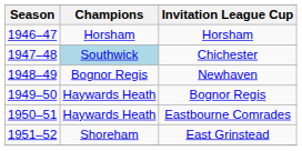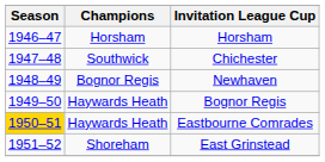 <table class="wikitable" style="text-align: center">
 <tr>
 </tr>
 <tr>
 <th>Season</th>
 <th>Champions</th>
 <th>Invitation League Cup</th>
 </tr>
 <tr>
 <td><a href='#'>1946–47</a></td>
 <td><a href='#'>Horsham</a></td>
 <td><a href='#'>Horsham</a></td>
 </tr>
 <tr>
 <td><a href='#'>1947–48</a></td>
-<td style="background: lightblue;"><a href='#'>Southwick</a></td>
+<td><a href='#'>Southwick</a></td>
 <td><a href='#'>Chichester</a></td>
 </tr>
 <tr>
 <td><a href='#'>1948–49</a></td>
 <td><a href='#'>Bognor Regis</a></td>
 <td><a href='#'>Newhaven</a></td>
 </tr>
 <tr>
 <td><a href='#'>1949–50</a></td>
 <td><a href='#'>Haywards Heath</a></td>
 <td><a href='#'>Bognor Regis</a></td>
 </tr>
 <tr>
-<td><a href='#'>1950–51</a></td>
+<td style="background: gold;"><a href='#'>1950–51</a></td>
 <td><a href='#'>Haywards Heath</a></td>
 <td><a href='#'>Eastbourne Comrades</a></td>
 </tr>
 <tr>
 <td><a href='#'>1951–52</a></td>
 <td><a href='#'>Shoreham</a></td>
 <td><a href='#'>East Grinstead</a></td>
 </tr>
 <tr>
 </tr>
 </table>
